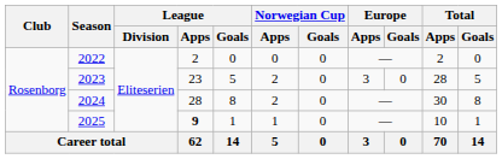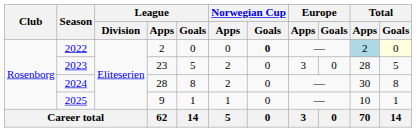 <table class="wikitable" style="text-align: center;">
 <tr>
 <th rowspan="2">Club</th>
 <th rowspan="2">Season</th>
 <th colspan="3">League</th>
 <th colspan="2"><a href='#'>Norwegian Cup</a></th>
 <th colspan="2">Europe</th>
 <th colspan="2">Total</th>
 </tr>
 <tr>
 <th>Division</th>
 <th>Apps</th>
 <th>Goals</th>
 <th>Apps</th>
 <th>Goals</th>
 <th>Apps</th>
 <th>Goals</th>
 <th>Apps</th>
 <th>Goals</th>
 </tr>
 <tr>
 <td rowspan="4"><a href='#'>Rosenborg</a></td>
 <td><a href='#'>2022</a></td>
 <td rowspan="4"><a href='#'>Eliteserien</a></td>
 <td>2</td>
 <td>0</td>
 <td>0</td>
-<td>0</td>
+<td><strong>0</strong></td>
 <td colspan="2">—</td>
-<td>2</td>
-<td>0</td>
+<td style="background: lightblue;">2</td>
+<td style="background: lightyellow;">0</td>
 </tr>
 <tr>
 <td><a href='#'>2023</a></td>
 <td>23</td>
 <td>5</td>
 <td>2</td>
 <td>0</td>
 <td>3</td>
 <td>0</td>
 <td>28</td>
 <td>5</td>
 </tr>
 <tr>
 <td><a href='#'>2024</a></td>
 <td>28</td>
 <td>8</td>
 <td>2</td>
 <td>0</td>
 <td colspan="2">—</td>
 <td>30</td>
 <td>8</td>
 </tr>
 <tr>
 <td><a href='#'>2025</a></td>
-<td><strong>9</strong></td>
+<td>9</td>
 <td>1</td>
 <td>1</td>
 <td>0</td>
 <td colspan="2">—</td>
 <td>10</td>
 <td>1</td>
 </tr>
 <tr>
 <th colspan="3">Career total</th>
 <th>62</th>
 <th>14</th>
 <th>5</th>
 <th>0</th>
 <th>3</th>
 <th>0</th>
 <th>70</th>
 <th>14</th>
 </tr>
 </table>
